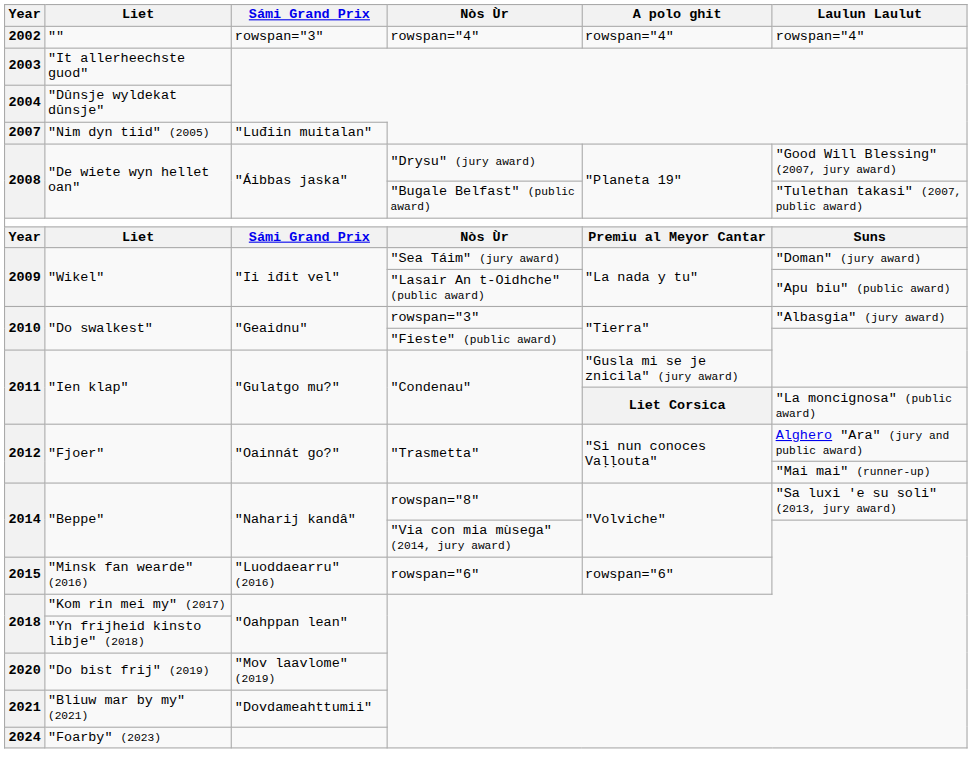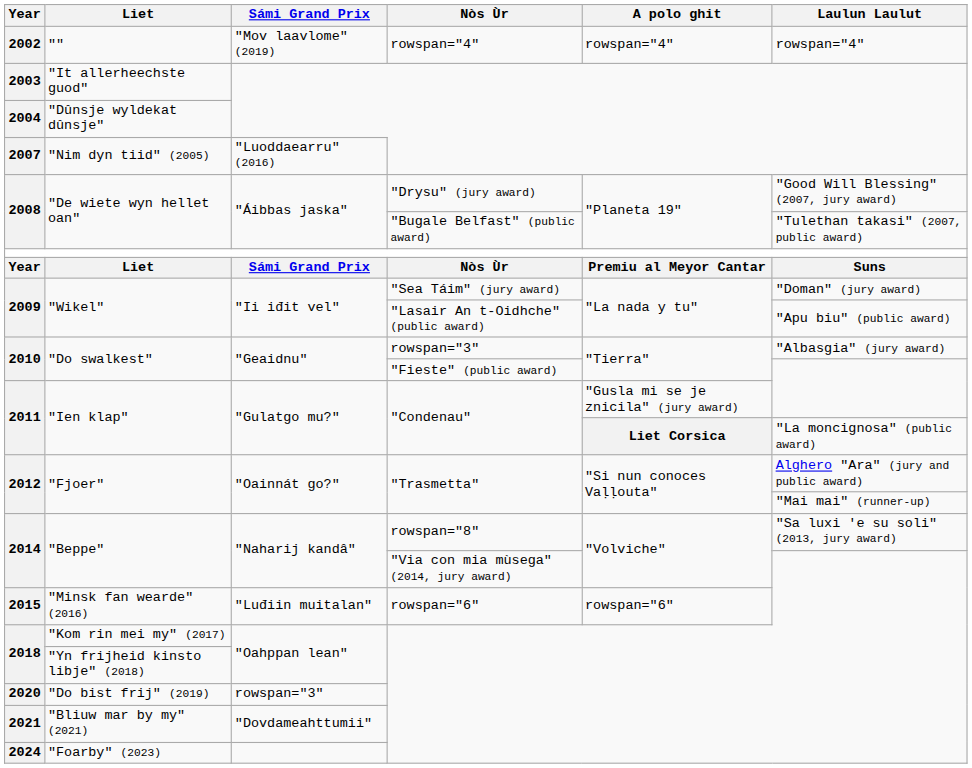 <table class="wikitable plainrowheaders" style="width:100%; font-size:95%">
 <tr>
 <th scope="col" style="width:2.5em;">Year</th>
 <th scope="col">Liet</th>
 <th scope="col"><a href='#'>Sámi Grand Prix</a></th>
 <th scope="col">Nòs Ùr</th>
 <th scope="col">A polo ghit</th>
 <th scope="col">Laulun Laulut</th>
 </tr>
 <tr>
 <th scope="row" style="text-align:center">2002</th>
 <td> ""</td>
-<td>rowspan="3" </td>
+<td> "Mov laavlome" <small>(2019)</small></td>
 <td>rowspan="4" </td>
 <td>rowspan="4" </td>
 <td>rowspan="4" </td>
 </tr>
 <tr>
 <th scope="row" style="text-align:center">2003</th>
 <td> "It allerheechste guod"</td>
 </tr>
 <tr>
 <th scope="row" style="text-align:center">2004</th>
 <td> "Dûnsje wyldekat dûnsje"</td>
 </tr>
 <tr>
 <th scope="row" style="text-align:center">2007</th>
 <td> "Nim dyn tiid" <small>(2005)</small></td>
-<td> "Luđiin muitalan"</td>
+<td> "Luoddaearru" <small>(2016)</small></td>
 </tr>
 <tr>
 <th rowspan="2" scope="row" style="text-align:center">2008</th>
 <td rowspan="2"> "De wiete wyn hellet oan"</td>
 <td rowspan="2"> "Áibbas jaska"</td>
 <td> "Drysu" <small>(jury award)</small></td>
 <td rowspan="2"> "Planeta 19"</td>
 <td colspan="2"> "Good Will Blessing" <small>(2007, jury award)</small></td>
 </tr>
 <tr>
 <td> "Bugale Belfast" <small>(public award)</small></td>
 <td colspan="2"> "Tulethan takasi" <small>(2007, public award)</small></td>
 </tr>
 <tr>
 <td colspan="7" style="background:#FFF" height="2em"></td>
 </tr>
 <tr>
 <th scope="col">Year</th>
 <th scope="col">Liet</th>
 <th scope="col"><a href='#'>Sámi Grand Prix</a></th>
 <th scope="col">Nòs Ùr</th>
 <th scope="col">Premiu al Meyor Cantar</th>
 <th scope="col">Suns</th>
 </tr>
 <tr>
 <th rowspan="2" scope="row" style="text-align:center">2009</th>
 <td rowspan="2"> "Wikel"</td>
 <td rowspan="2"> "Ii iđit vel"</td>
 <td> "Sea Táim" <small>(jury award)</small></td>
 <td rowspan="2"> "La nada y tu"</td>
 <td> "Doman" <small>(jury award)</small></td>
 </tr>
 <tr>
 <td> "Lasair An t-Oidhche" <small>(public award)</small></td>
 <td> "Apu biu" <small>(public award)</small></td>
 </tr>
 <tr>
 <th rowspan="2" scope="row" style="text-align:center">2010</th>
 <td rowspan="2"> "Do swalkest"</td>
 <td rowspan="2"> "Geaidnu"</td>
 <td>rowspan="3" </td>
 <td rowspan="2"> "Tierra"</td>
 <td> "Albasgia" <small>(jury award)</small></td>
 </tr>
 <tr>
 <td> "Fieste" <small>(public award)</small></td>
 </tr>
 <tr>
 <th rowspan="2" scope="row" style="text-align:center">2011</th>
 <td rowspan="2"> "Ien klap"</td>
 <td rowspan="2"> "Gulatgo mu?"</td>
 <td rowspan="2"> "Condenau"</td>
 <td> "Gusla mi se je znicila" <small>(jury award)</small></td>
 </tr>
 <tr>
 <th scope="col">Liet Corsica</th>
 <td> "La moncignosa" <small>(public award)</small></td>
 </tr>
 <tr>
 <th rowspan="2" scope="row" style="text-align:center">2012</th>
 <td rowspan="2"> "Fjoer"</td>
 <td rowspan="2"> "Oainnát go?"</td>
 <td rowspan="2"> "Trasmetta"</td>
 <td rowspan="2"> "Si nun conoces Vaḷḷouta"</td>
 <td><a href='#'>Alghero</a> "Ara" <small>(jury and public award)</small></td>
 </tr>
 <tr>
 <td> "Mai mai" <small>(runner-up)</small></td>
 </tr>
 <tr>
 <th rowspan="2" scope="row" style="text-align:center">2014</th>
 <td rowspan="2"> "Beppe"</td>
 <td rowspan="2"> "Naharij kandâ"</td>
 <td>rowspan="8" </td>
 <td rowspan="2"> "Volviche"</td>
 <td> "Sa luxi 'e su soli" <small>(2013, jury award)</small></td>
 </tr>
 <tr>
 <td> "Via con mia mùsega" <small>(2014, jury award)</small></td>
 </tr>
 <tr>
 <th scope="row" style="text-align:center">2015</th>
 <td> "Minsk fan wearde" <small>(2016)</small></td>
-<td> "Luoddaearru" <small>(2016)</small></td>
+<td> "Luđiin muitalan"</td>
 <td>rowspan="6" </td>
 <td>rowspan="6" </td>
 </tr>
 <tr>
 <th rowspan="2" scope="row" style="text-align:center">2018</th>
 <td> "Kom rin mei my" <small>(2017)</small></td>
 <td rowspan="2"> "Oahppan lean"</td>
 </tr>
 <tr>
 <td> "Yn frijheid kinsto libje" <small>(2018)</small></td>
 </tr>
 <tr>
 <th scope="row" style="text-align:center">2020</th>
 <td> "Do bist frij" <small>(2019)</small></td>
-<td> "Mov laavlome" <small>(2019)</small></td>
+<td>rowspan="3" </td>
 </tr>
 <tr>
 <th scope="row" style="text-align:center">2021</th>
 <td> "Bliuw mar by my" <small>(2021)</small></td>
 <td> "Dovdameahttumii"</td>
 </tr>
 <tr>
 <th scope="row" style="text-align:center">2024</th>
 <td> "Foarby" <small>(2023)</small></td>
 <td></td>
 </tr>
 </table>
